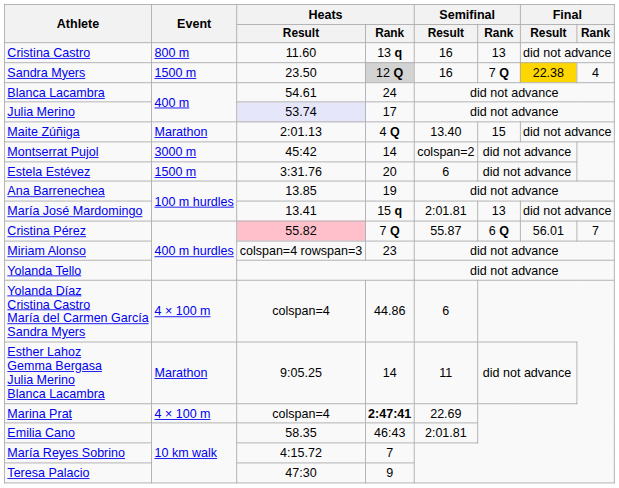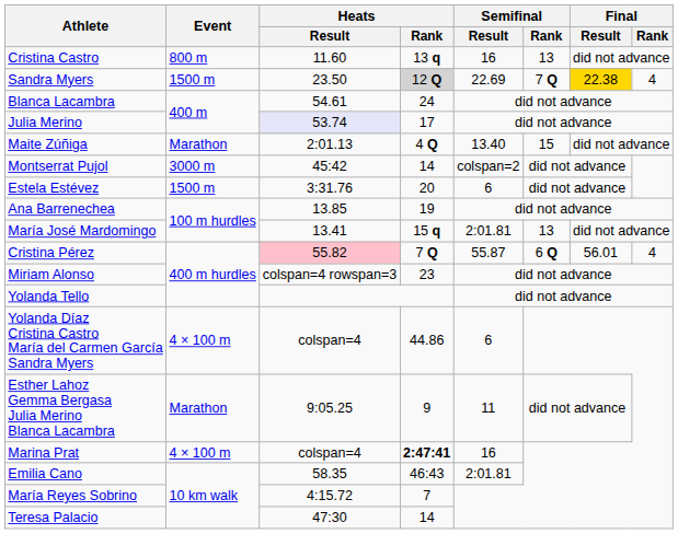 <table class="wikitable" style="font-size:90%">
 <tr>
 <th rowspan="2">Athlete</th>
 <th rowspan="2">Event</th>
 <th colspan="2">Heats</th>
 <th colspan="2">Semifinal</th>
 <th colspan="2">Final</th>
 </tr>
 <tr style="font-size:95%">
 <th>Result</th>
 <th>Rank</th>
 <th>Result</th>
 <th>Rank</th>
 <th>Result</th>
 <th>Rank</th>
 </tr>
 <tr align=center>
 <td align=left><a href='#'>Cristina Castro</a></td>
 <td align=left><a href='#'>800 m</a></td>
 <td>11.60</td>
 <td>13 <strong>q</strong></td>
 <td>16</td>
 <td>13</td>
 <td colspan=2>did not advance</td>
 </tr>
 <tr align=center>
 <td align=left><a href='#'>Sandra Myers</a></td>
 <td align=left><a href='#'>1500 m</a></td>
 <td>23.50</td>
 <td style="background: lightgrey;">12 <strong>Q</strong></td>
-<td>16</td>
+<td>22.69</td>
 <td>7 <strong>Q</strong></td>
 <td style="background: gold;">22.38 <strong></strong></td>
 <td>4</td>
 </tr>
 <tr align=center>
 <td align=left><a href='#'>Blanca Lacambra</a></td>
 <td align=left rowspan=2><a href='#'>400 m</a></td>
 <td>54.61</td>
 <td>24</td>
 <td colspan=4>did not advance</td>
 </tr>
 <tr align=center>
 <td align=left><a href='#'>Julia Merino</a></td>
 <td style="background: lavender;">53.74</td>
 <td>17</td>
 <td colspan=4>did not advance</td>
 </tr>
 <tr align=center>
 <td align=left><a href='#'>Maite Zúñiga</a></td>
 <td align=left><a href='#'>Marathon</a></td>
 <td>2:01.13</td>
 <td>4 <strong>Q</strong></td>
 <td>13.40</td>
 <td>15</td>
 <td colspan=2>did not advance</td>
 </tr>
 <tr align=center>
 <td align=left><a href='#'>Montserrat Pujol</a></td>
 <td align=left><a href='#'>3000 m</a></td>
 <td>45:42</td>
 <td>14</td>
 <td>colspan=2 </td>
 <td colspan=2>did not advance</td>
 </tr>
 <tr align=center>
 <td align=left><a href='#'>Estela Estévez</a></td>
 <td align=left><a href='#'>1500 m</a></td>
 <td>3:31.76</td>
 <td>20</td>
 <td>6</td>
 <td colspan=2>did not advance</td>
 </tr>
 <tr align=center>
 <td align=left><a href='#'>Ana Barrenechea</a></td>
 <td align=left rowspan=2><a href='#'>100 m hurdles</a></td>
 <td>13.85</td>
 <td>19</td>
 <td colspan=4>did not advance</td>
 </tr>
 <tr align=center>
 <td align=left><a href='#'>María José Mardomingo</a></td>
 <td>13.41</td>
 <td>15 <strong>q</strong></td>
 <td>2:01.81</td>
 <td>13</td>
 <td colspan=2>did not advance</td>
 </tr>
 <tr align=center>
 <td align=left><a href='#'>Cristina Pérez</a></td>
 <td align=left rowspan=3><a href='#'>400 m hurdles</a></td>
 <td style="background: pink;">55.82</td>
 <td>7 <strong>Q</strong></td>
 <td>55.87</td>
 <td>6 <strong>Q</strong></td>
 <td>56.01</td>
-<td>7</td>
+<td>4</td>
 </tr>
 <tr align=center>
 <td align=left><a href='#'>Miriam Alonso</a></td>
 <td>colspan=4 rowspan=3 </td>
 <td>23</td>
 <td colspan=4>did not advance</td>
 </tr>
 <tr align=center>
 <td align=left><a href='#'>Yolanda Tello</a></td>
 <td colspan=2></td>
 <td colspan=4>did not advance</td>
 </tr>
 <tr align=center>
 <td align=left><a href='#'>Yolanda Díaz</a><br><a href='#'>Cristina Castro</a><br><a href='#'>María del Carmen García</a><br><a href='#'>Sandra Myers</a></td>
 <td align=left><a href='#'>4 × 100 m</a></td>
 <td>colspan=4 </td>
 <td>44.86</td>
 <td>6</td>
 </tr>
 <tr align=center>
 <td align=left><a href='#'>Esther Lahoz</a><br><a href='#'>Gemma Bergasa</a><br><a href='#'>Julia Merino</a><br><a href='#'>Blanca Lacambra</a></td>
 <td align=left><a href='#'>Marathon</a></td>
 <td>9:05.25</td>
-<td>14</td>
+<td>9</td>
 <td>11</td>
 <td colspan=2>did not advance</td>
 </tr>
 <tr align=center>
 <td align=left><a href='#'>Marina Prat</a></td>
 <td align=left><a href='#'>4 × 100 m</a></td>
 <td>colspan=4 </td>
 <td><strong>2:47:41</strong></td>
-<td>22.69</td>
+<td>16</td>
 </tr>
 <tr align=center>
 <td align=left><a href='#'>Emilia Cano</a></td>
 <td align=left rowspan=3><a href='#'>10 km walk</a></td>
 <td>58.35</td>
 <td>46:43</td>
 <td>2:01.81</td>
 </tr>
 <tr align=center>
 <td align=left><a href='#'>María Reyes Sobrino</a></td>
 <td>4:15.72</td>
 <td>7</td>
 </tr>
 <tr align=center>
 <td align=left><a href='#'>Teresa Palacio</a></td>
 <td>47:30</td>
-<td>9</td>
+<td>14</td>
 </tr>
 </table>
